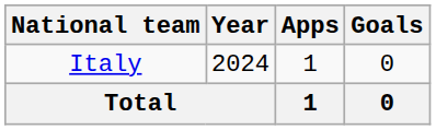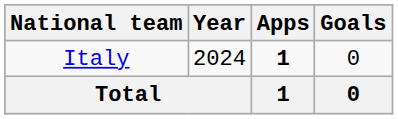 <table class=wikitable style=text-align:center>
 <tr>
 <th>National team</th>
 <th>Year</th>
 <th>Apps</th>
 <th>Goals</th>
 </tr>
 <tr>
 <td><a href='#'>Italy</a></td>
 <td>2024</td>
-<td>1</td>
+<td><strong>1</strong></td>
 <td>0</td>
 </tr>
 <tr>
 <th colspan="2">Total</th>
 <th>1</th>
 <th>0</th>
 </tr>
 </table>
